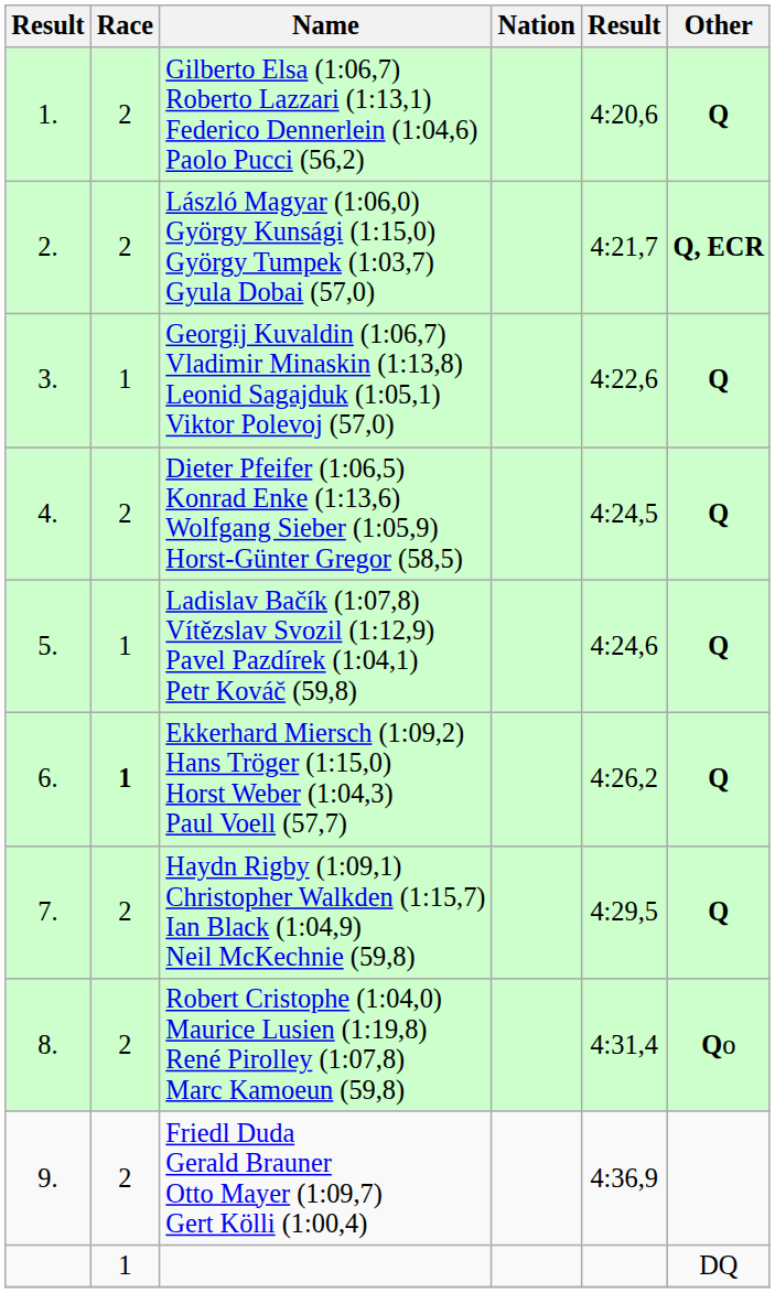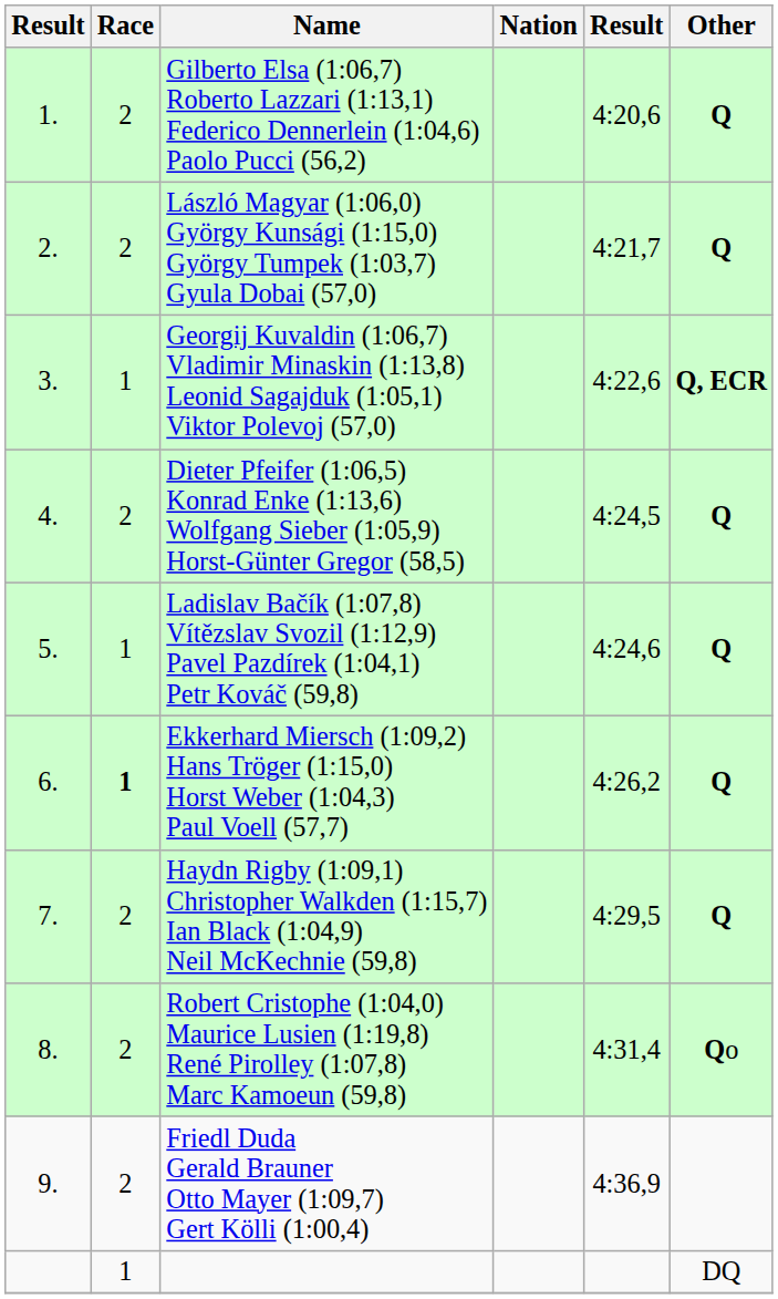 <table class="wikitable sortable" style="text-align:center">
 <tr>
 <th>Result</th>
 <th>Race</th>
 <th>Name</th>
 <th>Nation</th>
 <th>Result</th>
 <th>Other</th>
 </tr>
 <tr bgcolor=ccffcc>
 <td>1.</td>
 <td>2</td>
 <td align=left><a href='#'>Gilberto Elsa</a> (1:06,7)<br><a href='#'>Roberto Lazzari</a> (1:13,1)<br><a href='#'>Federico Dennerlein</a> (1:04,6)<br><a href='#'>Paolo Pucci</a> (56,2)</td>
 <td align=left></td>
 <td>4:20,6</td>
 <td><strong>Q</strong></td>
 </tr>
 <tr bgcolor=ccffcc>
 <td>2.</td>
 <td>2</td>
 <td align=left><a href='#'>László Magyar</a> (1:06,0)<br><a href='#'>György Kunsági</a> (1:15,0)<br><a href='#'>György Tumpek</a> (1:03,7)<br><a href='#'>Gyula Dobai</a> (57,0)</td>
 <td align=left></td>
 <td>4:21,7</td>
-<td><strong>Q, ECR</strong></td>
+<td><strong>Q</strong></td>
 </tr>
 <tr bgcolor=ccffcc>
 <td>3.</td>
 <td>1</td>
 <td align=left><a href='#'>Georgij Kuvaldin</a> (1:06,7)<br><a href='#'>Vladimir Minaskin</a> (1:13,8)<br><a href='#'>Leonid Sagajduk</a> (1:05,1)<br><a href='#'>Viktor Polevoj</a> (57,0)</td>
 <td align=left></td>
 <td>4:22,6</td>
-<td><strong>Q</strong></td>
+<td><strong>Q, ECR</strong></td>
 </tr>
 <tr bgcolor=ccffcc>
 <td>4.</td>
 <td>2</td>
 <td align=left><a href='#'>Dieter Pfeifer</a> (1:06,5)<br><a href='#'>Konrad Enke</a> (1:13,6)<br><a href='#'>Wolfgang Sieber</a> (1:05,9)<br><a href='#'>Horst-Günter Gregor</a> (58,5)</td>
 <td align=left></td>
 <td>4:24,5</td>
 <td><strong>Q</strong></td>
 </tr>
 <tr bgcolor=ccffcc>
 <td>5.</td>
 <td>1</td>
 <td align=left><a href='#'>Ladislav Bačík</a> (1:07,8)<br><a href='#'>Vítězslav Svozil</a> (1:12,9)<br><a href='#'>Pavel Pazdírek</a> (1:04,1)<br><a href='#'>Petr Kováč</a> (59,8)</td>
 <td align=left></td>
 <td>4:24,6</td>
 <td><strong>Q</strong></td>
 </tr>
 <tr bgcolor=ccffcc>
 <td>6.</td>
 <td><strong>1</strong></td>
 <td align=left><a href='#'>Ekkerhard Miersch</a> (1:09,2)<br><a href='#'>Hans Tröger</a> (1:15,0)<br><a href='#'>Horst Weber</a> (1:04,3)<br><a href='#'>Paul Voell</a> (57,7)</td>
 <td align=left></td>
 <td>4:26,2</td>
 <td><strong>Q</strong></td>
 </tr>
 <tr bgcolor=ccffcc>
 <td>7.</td>
 <td>2</td>
 <td align=left><a href='#'>Haydn Rigby</a> (1:09,1)<br><a href='#'>Christopher Walkden</a> (1:15,7)<br><a href='#'>Ian Black</a> (1:04,9)<br><a href='#'>Neil McKechnie</a> (59,8)</td>
 <td align=left></td>
 <td>4:29,5</td>
 <td><strong>Q</strong></td>
 </tr>
 <tr bgcolor=ccffcc>
 <td>8.</td>
 <td>2</td>
 <td align=left><a href='#'>Robert Cristophe</a> (1:04,0)<br><a href='#'>Maurice Lusien</a> (1:19,8)<br><a href='#'>René Pirolley</a> (1:07,8)<br><a href='#'>Marc Kamoeun</a> (59,8)</td>
 <td align=left></td>
 <td>4:31,4</td>
 <td><strong>Q</strong>o</td>
 </tr>
 <tr>
 <td>9.</td>
 <td>2</td>
 <td align=left><a href='#'>Friedl Duda</a> <br><a href='#'>Gerald Brauner</a><br><a href='#'>Otto Mayer</a> (1:09,7)<br><a href='#'>Gert Kölli</a> (1:00,4)</td>
 <td align=left></td>
 <td>4:36,9</td>
 <td></td>
 </tr>
 <tr>
 <td></td>
 <td>1</td>
 <td align=left></td>
 <td align=left></td>
 <td></td>
 <td>DQ</td>
 </tr>
 <tr>
 </tr>
 </table>
